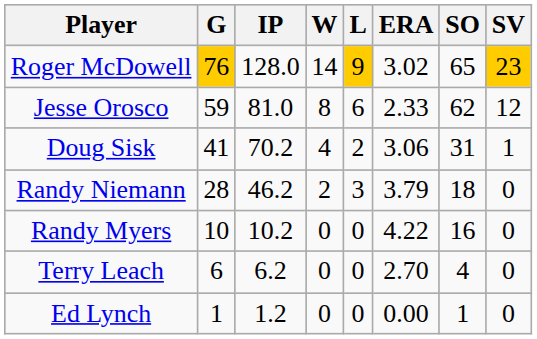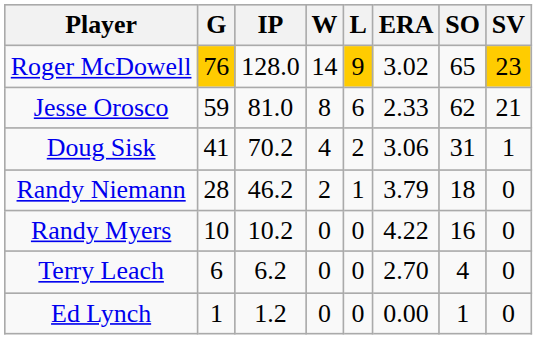 <table class="wikitable sortable">
 <tr>
 <th>Player</th>
 <th>G</th>
 <th>IP</th>
 <th>W</th>
 <th>L</th>
 <th>ERA</th>
 <th>SO</th>
 <th>SV</th>
 </tr>
 <tr style="text-align:center;">
 <td><a href='#'>Roger McDowell</a></td>
 <td style="background:#fc0;">76</td>
 <td>128.0</td>
 <td>14</td>
 <td style="background:#fc0;">9</td>
 <td>3.02</td>
 <td>65</td>
 <td style="background:#fc0;">23</td>
 </tr>
 <tr style="text-align:center;">
 <td><a href='#'>Jesse Orosco</a></td>
 <td>59</td>
 <td>81.0</td>
 <td>8</td>
 <td>6</td>
 <td>2.33</td>
 <td>62</td>
-<td>12</td>
+<td>21</td>
 </tr>
 <tr style="text-align:center;">
 <td><a href='#'>Doug Sisk</a></td>
 <td>41</td>
 <td>70.2</td>
 <td>4</td>
 <td>2</td>
 <td>3.06</td>
 <td>31</td>
 <td>1</td>
 </tr>
 <tr style="text-align:center;">
 <td><a href='#'>Randy Niemann</a></td>
 <td>28</td>
 <td>46.2</td>
 <td>2</td>
-<td>3</td>
+<td>1</td>
 <td>3.79</td>
 <td>18</td>
 <td>0</td>
 </tr>
 <tr style="text-align:center;">
 <td><a href='#'>Randy Myers</a></td>
 <td>10</td>
 <td>10.2</td>
 <td>0</td>
 <td>0</td>
 <td>4.22</td>
 <td>16</td>
 <td>0</td>
 </tr>
 <tr style="text-align:center;">
 <td><a href='#'>Terry Leach</a></td>
 <td>6</td>
 <td>6.2</td>
 <td>0</td>
 <td>0</td>
 <td>2.70</td>
 <td>4</td>
 <td>0</td>
 </tr>
 <tr style="text-align:center;">
 <td><a href='#'>Ed Lynch</a></td>
 <td>1</td>
 <td>1.2</td>
 <td>0</td>
 <td>0</td>
 <td>0.00</td>
 <td>1</td>
 <td>0</td>
 </tr>
 </table>
